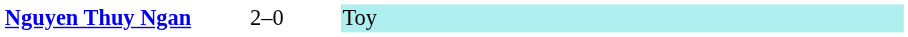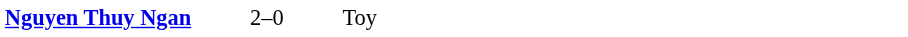 <table>
 <tr>
 <th width=400></th>
 <th width=100></th>
 <th width=400></th>
 </tr>
 <tr>
 <td align=right><strong><a href='#'>Nguyen Thuy Ngan</a> </strong></td>
 <td align=center>2–0</td>
-<td style="background: paleturquoise;"> Toy</td>
+<td> Toy</td>
 </tr>
 </table>
